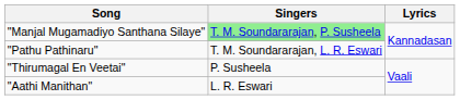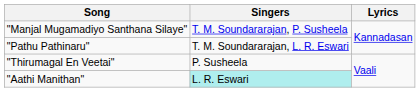 <table class="wikitable" style="font-size:95%;">
 <tr>
 <th>Song</th>
 <th>Singers</th>
 <th>Lyrics</th>
 </tr>
 <tr>
 <td>"Manjal Mugamadiyo Santhana Silaye"</td>
-<td style="background: lightgreen;"><a href='#'>T. M. Soundararajan</a>, <a href='#'>P. Susheela</a></td>
+<td><a href='#'>T. M. Soundararajan</a>, <a href='#'>P. Susheela</a></td>
 <td rowspan="2"><a href='#'>Kannadasan</a></td>
 </tr>
 <tr>
 <td>"Pathu Pathinaru"</td>
 <td>T. M. Soundararajan, <a href='#'>L. R. Eswari</a></td>
 </tr>
 <tr>
 <td>"Thirumagal En Veetai"</td>
 <td>P. Susheela</td>
 <td rowspan=2><a href='#'>Vaali</a></td>
 </tr>
 <tr>
 <td>"Aathi Manithan"</td>
-<td>L. R. Eswari</td>
+<td style="background: paleturquoise;">L. R. Eswari</td>
 </tr>
 </table>
